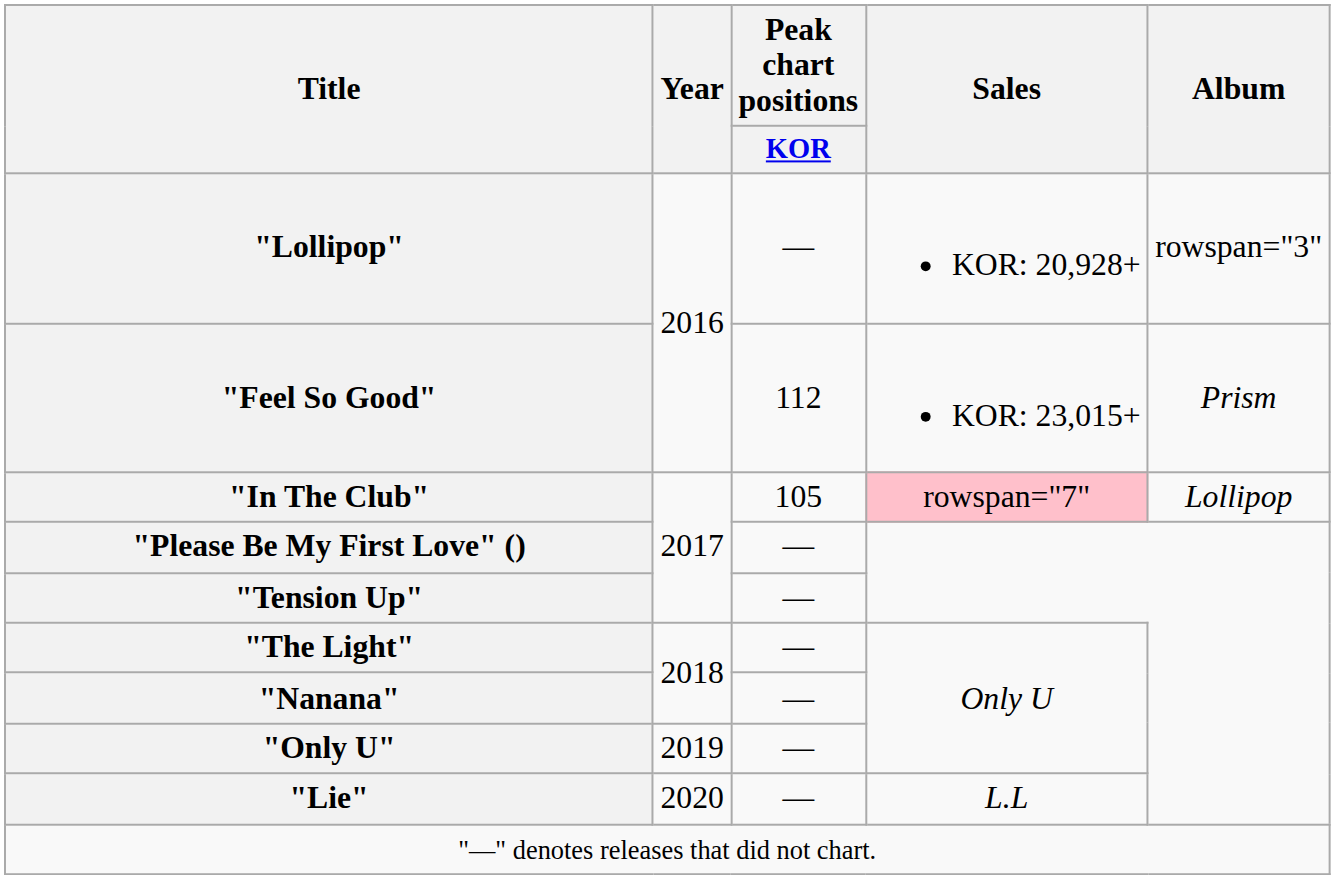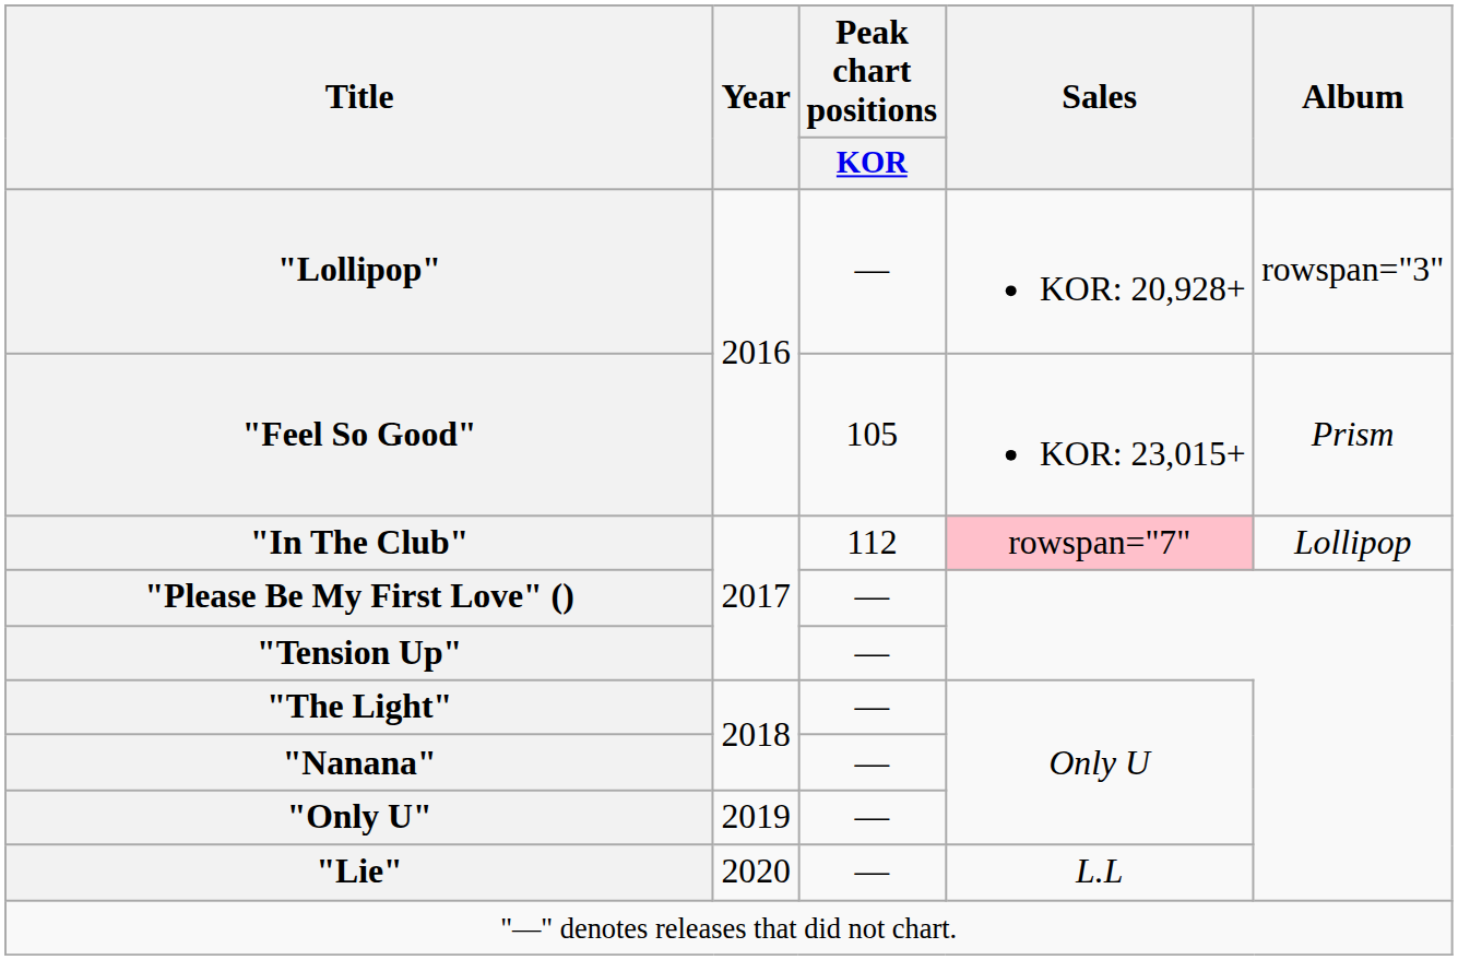 <table class="wikitable plainrowheaders" style="text-align:center;">
 <tr>
 <th scope="col" rowspan="2" style="width:20em;">Title</th>
 <th scope="col" rowspan="2">Year</th>
 <th scope="col">Peak chart positions</th>
 <th scope="col" rowspan="2">Sales</th>
 <th scope="col" rowspan="2">Album</th>
 </tr>
 <tr>
 <th scope="col" style="width:3em;font-size:90%;"><a href='#'>KOR</a><br></th>
 </tr>
 <tr>
 <th scope="row">"Lollipop" </th>
 <td rowspan="2">2016</td>
 <td>—</td>
 <td><br><ul><li>KOR: 20,928+</li></ul></td>
 <td>rowspan="3" </td>
 </tr>
 <tr>
 <th scope="row">"Feel So Good"</th>
-<td>112</td>
+<td>105</td>
 <td><br><ul><li>KOR: 23,015+</li></ul></td>
 <td><em>Prism</em></td>
 </tr>
 <tr>
 <th scope="row">"In The Club" </th>
 <td rowspan="3">2017</td>
-<td>105</td>
+<td>112</td>
 <td style="background: pink;">rowspan="7" </td>
 <td><em>Lollipop</em></td>
 </tr>
 <tr>
 <th scope="row">"Please Be My First Love" ()</th>
 <td>—</td>
 </tr>
 <tr>
 <th scope="row">"Tension Up" </th>
 <td>—</td>
 </tr>
 <tr>
 <th scope="row">"The Light" </th>
 <td rowspan="2">2018</td>
 <td>—</td>
 <td rowspan="3"><em>Only U</em></td>
 </tr>
 <tr>
 <th scope="row">"Nanana" </th>
 <td>—</td>
 </tr>
 <tr>
 <th scope="row">"Only U"</th>
 <td>2019</td>
 <td>—</td>
 </tr>
 <tr>
 <th scope="row">"Lie"  </th>
 <td>2020</td>
 <td>—</td>
 <td><em>L.L</em></td>
 </tr>
 <tr>
 <td colspan="6" align="center"><small>"—" denotes releases that did not chart.</small></td>
 </tr>
 </table>
